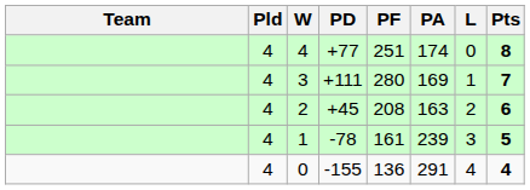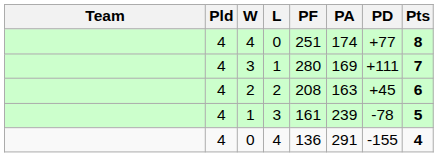 <table class="wikitable" style="text-align:center;">
 <tr>
 <th width=200>Team</th>
 <th width=20>Pld</th>
 <th width=20>W</th>
-<th width=30>PD</th>
+<th width=20>L</th>
 <th width=30>PF</th>
 <th width=30>PA</th>
-<th width=20>L</th>
+<th width=30>PD</th>
 <th width=20>Pts</th>
 </tr>
 <tr style="background:#cfc;">
 <td align=left></td>
 <td>4</td>
 <td>4</td>
-<td>+77</td>
+<td>0</td>
 <td>251</td>
 <td>174</td>
-<td>0</td>
+<td>+77</td>
 <td><strong>8</strong></td>
 </tr>
 <tr style="background:#cfc;">
 <td align=left></td>
 <td>4</td>
 <td>3</td>
-<td>+111</td>
+<td>1</td>
 <td>280</td>
 <td>169</td>
-<td>1</td>
+<td>+111</td>
 <td><strong>7</strong></td>
 </tr>
 <tr style="background:#cfc;">
 <td align=left></td>
 <td>4</td>
 <td>2</td>
-<td>+45</td>
+<td>2</td>
 <td>208</td>
 <td>163</td>
-<td>2</td>
+<td>+45</td>
 <td><strong>6</strong></td>
 </tr>
 <tr style="background:#cfc;">
 <td align=left></td>
 <td>4</td>
 <td>1</td>
-<td>-78</td>
+<td>3</td>
 <td>161</td>
 <td>239</td>
-<td>3</td>
+<td>-78</td>
 <td><strong>5</strong></td>
 </tr>
 <tr>
 <td align=left></td>
 <td>4</td>
 <td>0</td>
-<td>-155</td>
+<td>4</td>
 <td>136</td>
 <td>291</td>
-<td>4</td>
+<td>-155</td>
 <td><strong>4</strong></td>
 </tr>
 </table>
